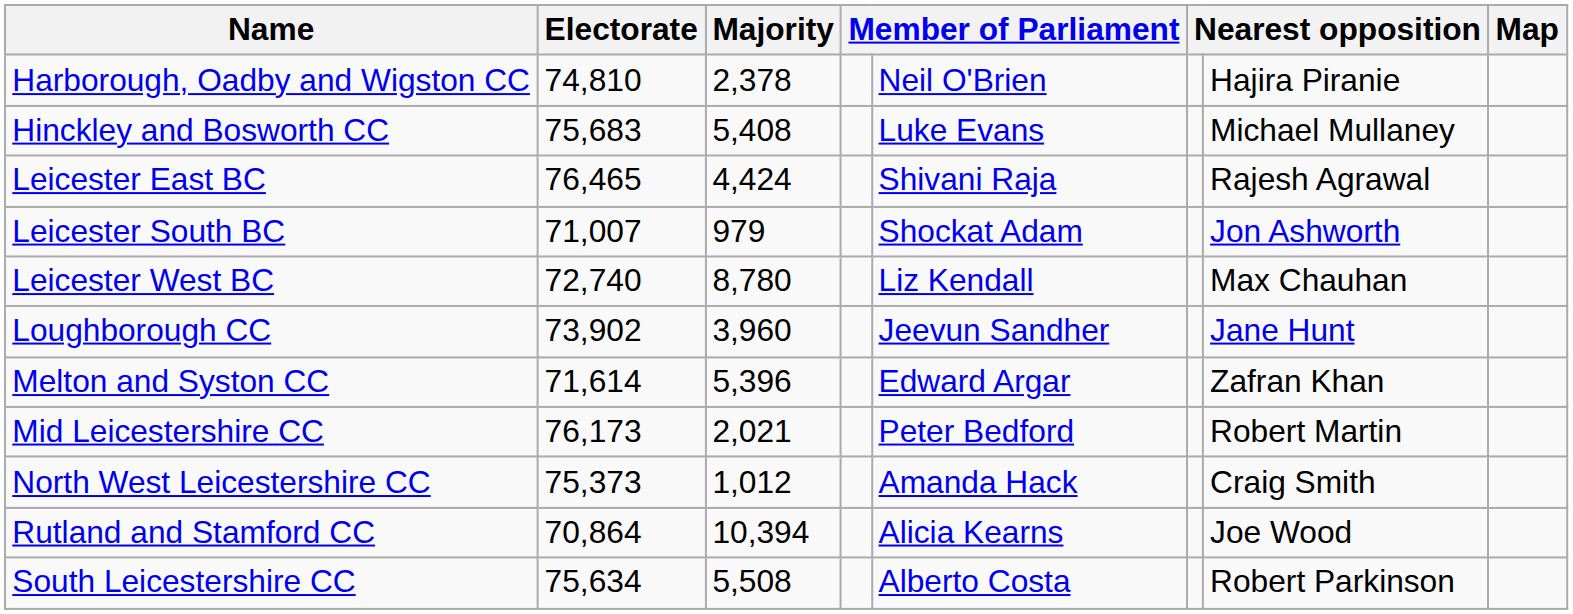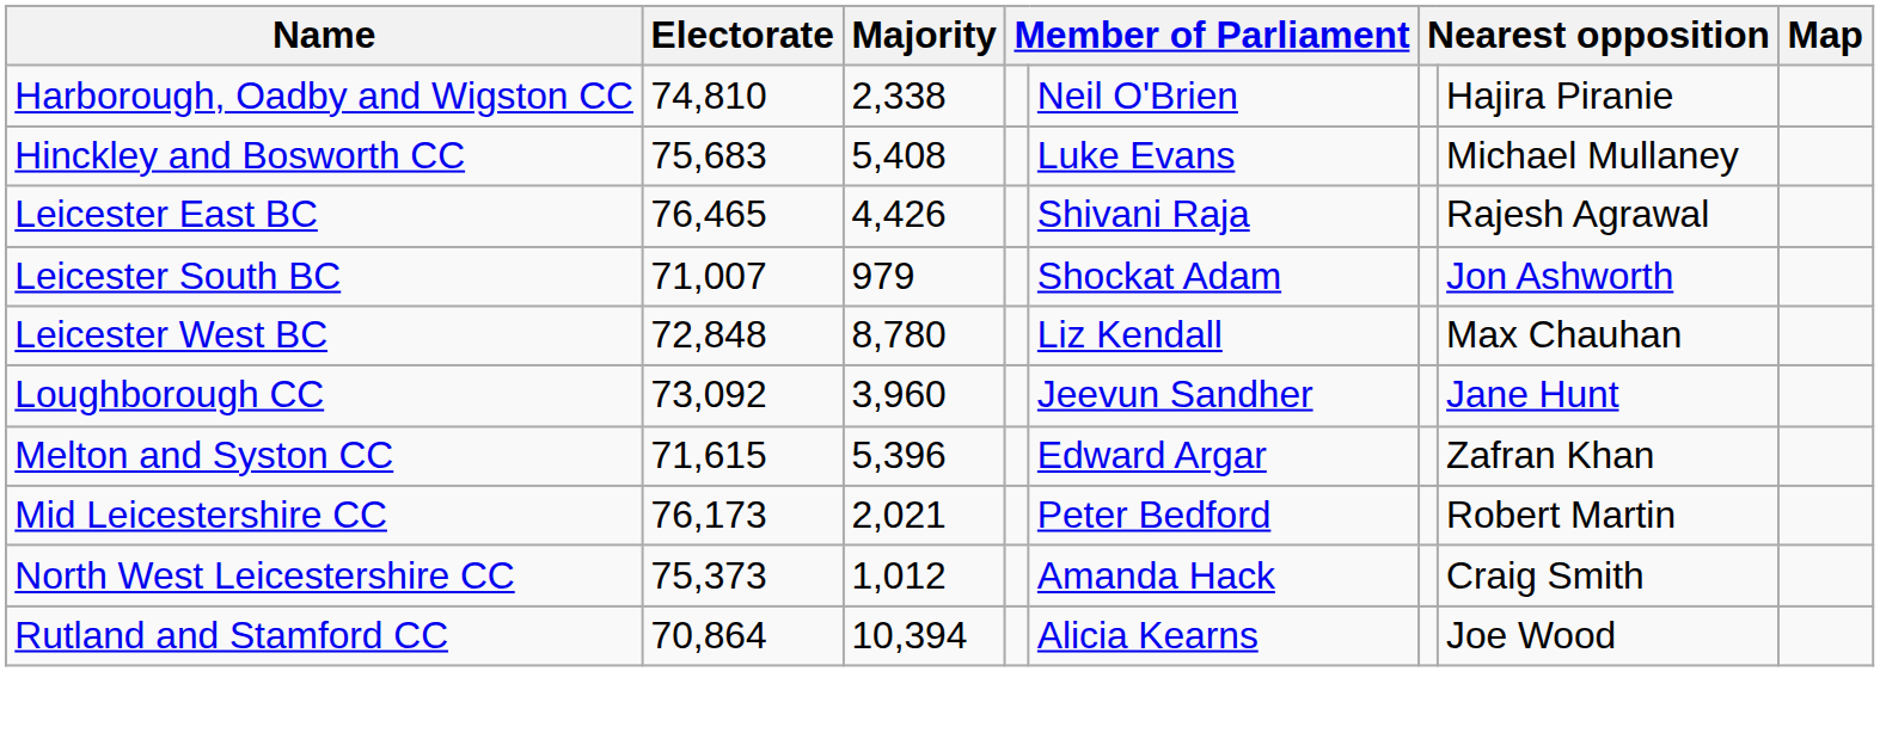 <table class="wikitable sortable">
 <tr>
 <th rowspan=1>Name</th>
 <th rowspan=1>Electorate</th>
 <th rowspan=1>Majority</th>
 <th colspan=2 class=unsortable><a href='#'>Member of Parliament</a></th>
 <th colspan=2 class=unsortable>Nearest opposition</th>
 <th rowspan=1 class=unsortable>Map</th>
 </tr>
 <tr>
 <td><a href='#'>Harborough, Oadby and Wigston CC</a></td>
 <td>74,810</td>
-<td>2,378</td>
+<td>2,338</td>
 <td style="color:inherit;background:"></td>
 <td><a href='#'>Neil O'Brien</a></td>
 <td style="color:inherit;background:"></td>
 <td>Hajira Piranie</td>
 <td></td>
 </tr>
 <tr>
 <td><a href='#'>Hinckley and Bosworth CC</a></td>
 <td>75,683</td>
 <td>5,408</td>
 <td style="color:inherit;background:"></td>
 <td><a href='#'>Luke Evans</a></td>
 <td style="color:inherit;background:"></td>
 <td>Michael Mullaney</td>
 <td></td>
 </tr>
 <tr>
 <td><a href='#'>Leicester East BC</a></td>
 <td>76,465</td>
-<td>4,424</td>
+<td>4,426</td>
 <td style="color:inherit;background:"></td>
 <td><a href='#'>Shivani Raja</a></td>
 <td style="color:inherit;background:"></td>
 <td>Rajesh Agrawal</td>
 <td></td>
 </tr>
 <tr>
 <td><a href='#'>Leicester South BC</a></td>
 <td>71,007</td>
 <td>979</td>
 <td style="color:inherit;background:"></td>
 <td><a href='#'>Shockat Adam</a></td>
 <td style="color:inherit;background:"></td>
 <td><a href='#'>Jon Ashworth</a></td>
 <td></td>
 </tr>
 <tr>
 <td><a href='#'>Leicester West BC</a></td>
-<td>72,740</td>
+<td>72,848</td>
 <td>8,780</td>
 <td style="color:inherit;background:"></td>
 <td><a href='#'>Liz Kendall</a></td>
 <td style="color:inherit;background:"></td>
 <td>Max Chauhan</td>
 <td></td>
 </tr>
 <tr>
 <td><a href='#'>Loughborough CC</a></td>
-<td>73,902</td>
+<td>73,092</td>
 <td>3,960</td>
 <td style="color:inherit;background:"></td>
 <td><a href='#'>Jeevun Sandher</a></td>
 <td style="color:inherit;background:"></td>
 <td><a href='#'>Jane Hunt</a></td>
 <td></td>
 </tr>
 <tr>
 <td><a href='#'>Melton and Syston CC</a></td>
-<td>71,614</td>
+<td>71,615</td>
 <td>5,396</td>
 <td style="color:inherit;background:"></td>
 <td><a href='#'>Edward Argar</a></td>
 <td style="color:inherit;background:"></td>
 <td>Zafran Khan</td>
 <td></td>
 </tr>
 <tr>
 <td><a href='#'>Mid Leicestershire CC</a></td>
 <td>76,173</td>
 <td>2,021</td>
 <td style="color:inherit;background:"></td>
 <td><a href='#'>Peter Bedford</a></td>
 <td style="color:inherit;background:"></td>
 <td>Robert Martin</td>
 <td></td>
 </tr>
 <tr>
 <td><a href='#'>North West Leicestershire CC</a></td>
 <td>75,373</td>
 <td>1,012</td>
 <td style="color:inherit;background:"></td>
 <td><a href='#'>Amanda Hack</a></td>
 <td style="color:inherit;background:"></td>
 <td>Craig Smith</td>
 <td></td>
 </tr>
 <tr>
 <td><a href='#'>Rutland and Stamford CC</a></td>
 <td>70,864</td>
 <td>10,394</td>
 <td style="color:inherit;background:"></td>
 <td><a href='#'>Alicia Kearns</a></td>
 <td style="color:inherit;background:"></td>
 <td>Joe Wood</td>
 <td></td>
 </tr>
-<tr>
-<td><a href='#'>South Leicestershire CC</a></td>
-<td>75,634</td>
-<td>5,508</td>
-<td> </td>
-<td><a href='#'>Alberto Costa</a></td>
-<td style="color:inherit;background:"></td>
-<td>Robert Parkinson</td>
-<td></td>
-</tr>
 </table>
